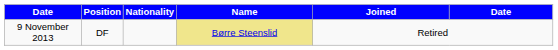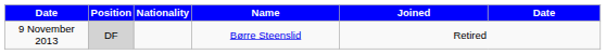 <table class="wikitable"  style="text-align:center; font-size:90%; ">
 <tr>
 <th style="background:#00f; color:white; width:110px;">Date</th>
 <th style="background:#00f; color:white; width:55px;">Position</th>
 <th style="background:#00f; color:white; width:55px;">Nationality</th>
 <th style="background:#00f; color:white; width:200px;">Name</th>
 <th style="background:#00f; color:white; width:200px;">Joined</th>
 <th style="background:#00f; color:white; width:150px;">Date</th>
 </tr>
 <tr>
 <td>9 November 2013</td>
-<td>DF</td>
+<td style="background: lightgrey;">DF</td>
 <td></td>
-<td style="background: khaki;"><a href='#'>Børre Steenslid</a></td>
+<td><a href='#'>Børre Steenslid</a></td>
 <td colspan=2>Retired</td>
 </tr>
 </table>
